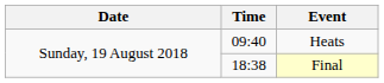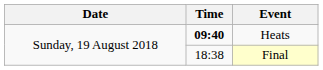 <table class = "wikitable" style="text-align:center;">
 <tr>
 <th width=220>Date</th>
 <th width=50>Time</th>
 <th width=100>Event</th>
 </tr>
 <tr>
 <td rowspan=2>Sunday, 19 August 2018</td>
-<td>09:40</td>
+<td><strong>09:40</strong></td>
 <td>Heats</td>
 </tr>
 <tr>
 <td>18:38</td>
 <td bgcolor=ffffcc>Final</td>
 </tr>
 </table>
